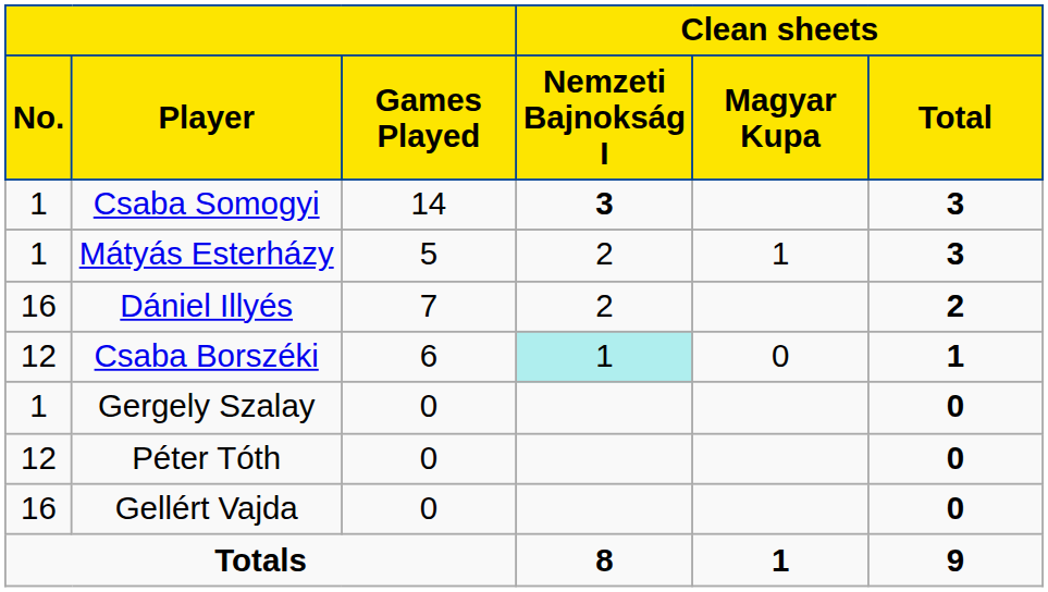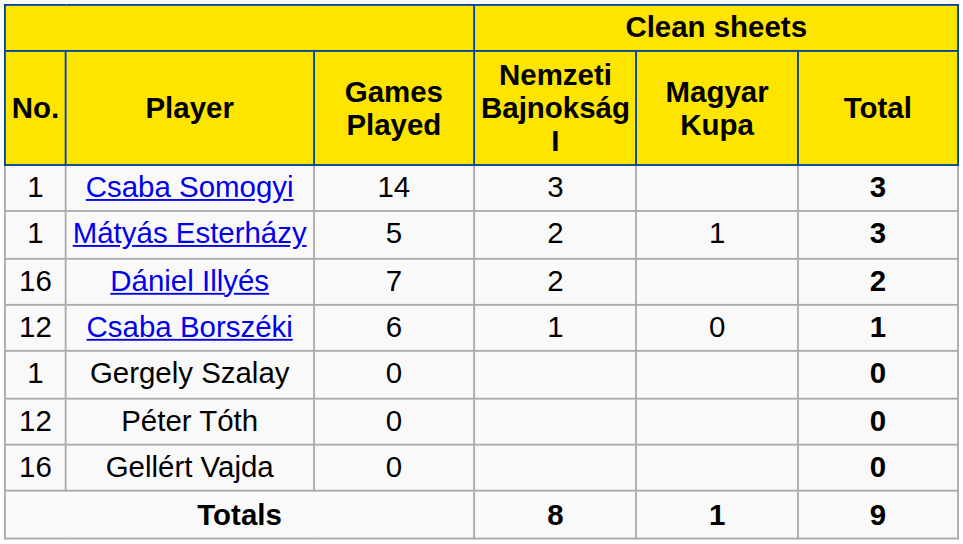 <table class="wikitable sortable alternance" style="text-align:center">
 <tr>
 <th colspan="3" style="background:#FDE500;border:1px solid #004292"></th>
 <th colspan="4" style="background:#FDE500;color:black;border:1px solid #004292">Clean sheets</th>
 </tr>
 <tr>
 <th style="background-color:#FDE500;color:black;border:1px solid #004292">No.</th>
 <th style="background-color:#FDE500;color:black;border:1px solid #004292">Player</th>
 <th width=80 style="background-color:#FDE500;color:black;border:1px solid #004292">Games Played</th>
 <th width=80 style="background-color:#FDE500;color:black;border:1px solid #004292">Nemzeti Bajnokság I</th>
 <th width=80 style="background-color:#FDE500;color:black;border:1px solid #004292">Magyar Kupa</th>
 <th width=80 style="background-color:#FDE500;color:black;border:1px solid #004292">Total</th>
 </tr>
 <tr>
 <td>1</td>
 <td> <a href='#'>Csaba Somogyi</a></td>
 <td>14</td>
-<td><strong>3</strong></td>
+<td>3</td>
 <td></td>
 <td><strong>3</strong></td>
 </tr>
 <tr>
 <td>1</td>
 <td> <a href='#'>Mátyás Esterházy</a></td>
 <td>5</td>
 <td>2</td>
 <td>1</td>
 <td><strong>3</strong></td>
 </tr>
 <tr>
 <td>16</td>
 <td> <a href='#'>Dániel Illyés</a></td>
 <td>7</td>
 <td>2</td>
 <td></td>
 <td><strong>2</strong></td>
 </tr>
 <tr>
 <td>12</td>
 <td> <a href='#'>Csaba Borszéki</a></td>
 <td>6</td>
-<td style="background: paleturquoise;">1</td>
+<td>1</td>
 <td>0</td>
 <td><strong>1</strong></td>
 </tr>
 <tr>
 <td>1</td>
 <td> Gergely Szalay</td>
 <td>0</td>
 <td></td>
 <td></td>
 <td><strong>0</strong></td>
 </tr>
 <tr>
 <td>12</td>
 <td> Péter Tóth</td>
 <td>0</td>
 <td></td>
 <td></td>
 <td><strong>0</strong></td>
 </tr>
 <tr>
 <td>16</td>
 <td> Gellért Vajda</td>
 <td>0</td>
 <td></td>
 <td></td>
 <td><strong>0</strong></td>
 </tr>
 <tr class="sortbottom">
 <td colspan="3"><strong>Totals</strong></td>
 <td><strong>8</strong></td>
 <td><strong>1</strong></td>
 <td><strong>9</strong></td>
 </tr>
 </table>
